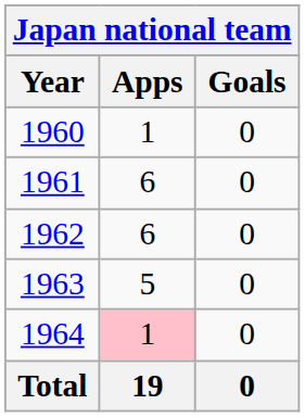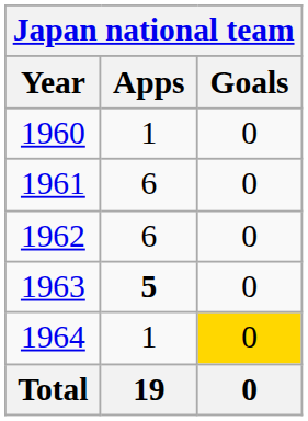 <table class="wikitable" style="text-align:center">
 <tr>
 <th colspan=3><a href='#'>Japan national team</a></th>
 </tr>
 <tr>
 <th>Year</th>
 <th>Apps</th>
 <th>Goals</th>
 </tr>
 <tr>
 <td><a href='#'>1960</a></td>
 <td>1</td>
 <td>0</td>
 </tr>
 <tr>
 <td><a href='#'>1961</a></td>
 <td>6</td>
 <td>0</td>
 </tr>
 <tr>
 <td><a href='#'>1962</a></td>
 <td>6</td>
 <td>0</td>
 </tr>
 <tr>
 <td><a href='#'>1963</a></td>
-<td>5</td>
+<td><strong>5</strong></td>
 <td>0</td>
 </tr>
 <tr>
 <td><a href='#'>1964</a></td>
-<td style="background: pink;">1</td>
-<td>0</td>
+<td>1</td>
+<td style="background: gold;">0</td>
 </tr>
 <tr>
 <th>Total</th>
 <th>19</th>
 <th>0</th>
 </tr>
 </table>
